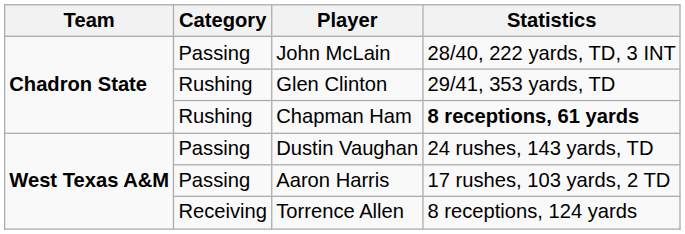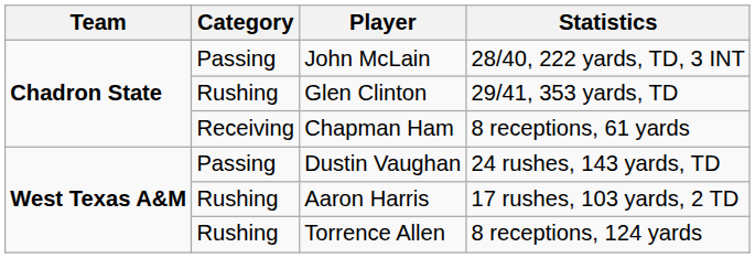 <table class="wikitable" style="float: left;">
 <tr>
 <th>Team</th>
 <th>Category</th>
 <th>Player</th>
 <th>Statistics</th>
 </tr>
 <tr>
 <td rowspan=3><strong>Chadron State</strong></td>
 <td>Passing</td>
 <td>John McLain</td>
 <td>28/40, 222 yards, TD, 3 INT</td>
 </tr>
 <tr>
 <td>Rushing</td>
 <td>Glen Clinton</td>
 <td>29/41, 353 yards, TD</td>
 </tr>
 <tr>
-<td>Rushing</td>
+<td>Receiving</td>
 <td>Chapman Ham</td>
-<td><strong>8 receptions, 61 yards</strong></td>
+<td>8 receptions, 61 yards</td>
 </tr>
 <tr>
 <td rowspan=3><strong>West Texas A&M</strong></td>
 <td>Passing</td>
 <td>Dustin Vaughan</td>
 <td>24 rushes, 143 yards, TD</td>
 </tr>
 <tr>
-<td>Passing</td>
+<td>Rushing</td>
 <td>Aaron Harris</td>
 <td>17 rushes, 103 yards, 2 TD</td>
 </tr>
 <tr>
-<td>Receiving</td>
+<td>Rushing</td>
 <td>Torrence Allen</td>
 <td>8 receptions, 124 yards</td>
 </tr>
 </table>
